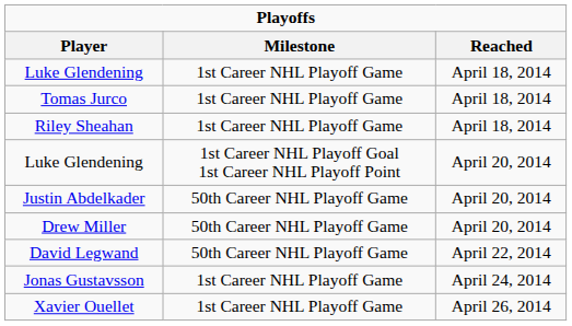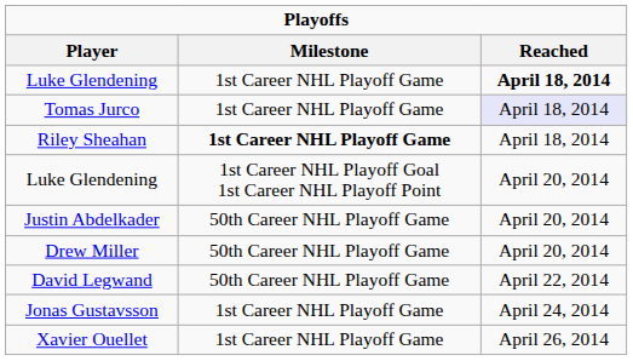 <table class="wikitable" style="width:60%; text-align:center;">
 <tr>
 <td colspan="10" style="text-align:center;"><strong>Playoffs</strong></td>
 </tr>
 <tr>
 <th>Player</th>
 <th>Milestone</th>
 <th>Reached</th>
 </tr>
 <tr>
 <td><a href='#'>Luke Glendening</a></td>
 <td>1st Career NHL Playoff Game</td>
-<td>April 18, 2014</td>
+<td><strong>April 18, 2014</strong></td>
 </tr>
 <tr>
 <td><a href='#'>Tomas Jurco</a></td>
 <td>1st Career NHL Playoff Game</td>
-<td>April 18, 2014</td>
+<td style="background: lavender;">April 18, 2014</td>
 </tr>
 <tr>
 <td><a href='#'>Riley Sheahan</a></td>
-<td>1st Career NHL Playoff Game</td>
+<td><strong>1st Career NHL Playoff Game</strong></td>
 <td>April 18, 2014</td>
 </tr>
 <tr>
 <td>Luke Glendening</td>
 <td>1st Career NHL Playoff Goal<br> 1st Career NHL Playoff Point</td>
 <td>April 20, 2014</td>
 </tr>
 <tr>
 <td><a href='#'>Justin Abdelkader</a></td>
 <td>50th Career NHL Playoff Game</td>
 <td>April 20, 2014</td>
 </tr>
 <tr>
 <td><a href='#'>Drew Miller</a></td>
 <td>50th Career NHL Playoff Game</td>
 <td>April 20, 2014</td>
 </tr>
 <tr>
 <td><a href='#'>David Legwand</a></td>
 <td>50th Career NHL Playoff Game</td>
 <td>April 22, 2014</td>
 </tr>
 <tr>
 <td><a href='#'>Jonas Gustavsson</a></td>
 <td>1st Career NHL Playoff Game</td>
 <td>April 24, 2014</td>
 </tr>
 <tr>
 <td><a href='#'>Xavier Ouellet</a></td>
 <td>1st Career NHL Playoff Game</td>
 <td>April 26, 2014</td>
 </tr>
 </table>
